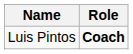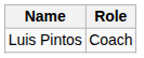 <table class="wikitable">
 <tr>
 <th>Name</th>
 <th>Role</th>
 </tr>
 <tr>
 <td> Luis Pintos</td>
-<td><strong>Coach</strong></td>
+<td>Coach</td>
 </tr>
 </table>
